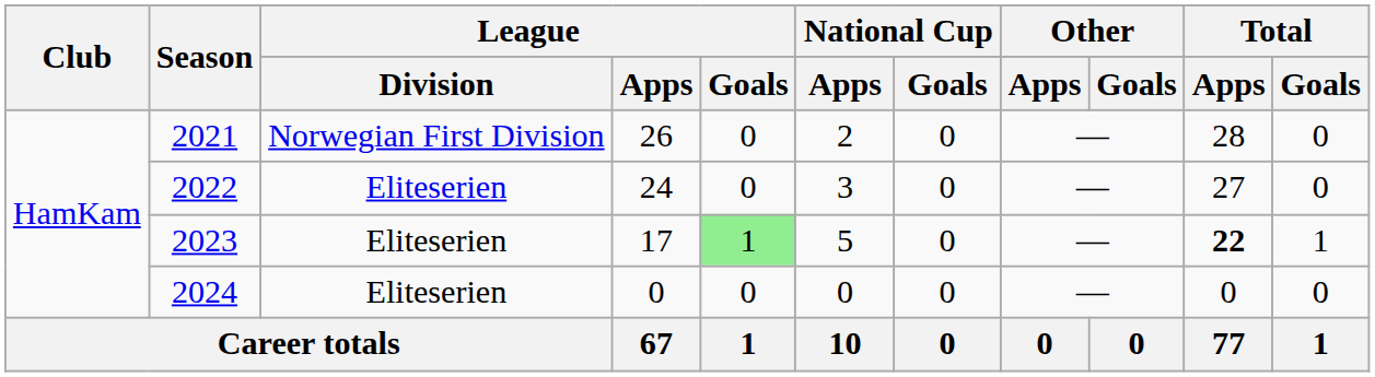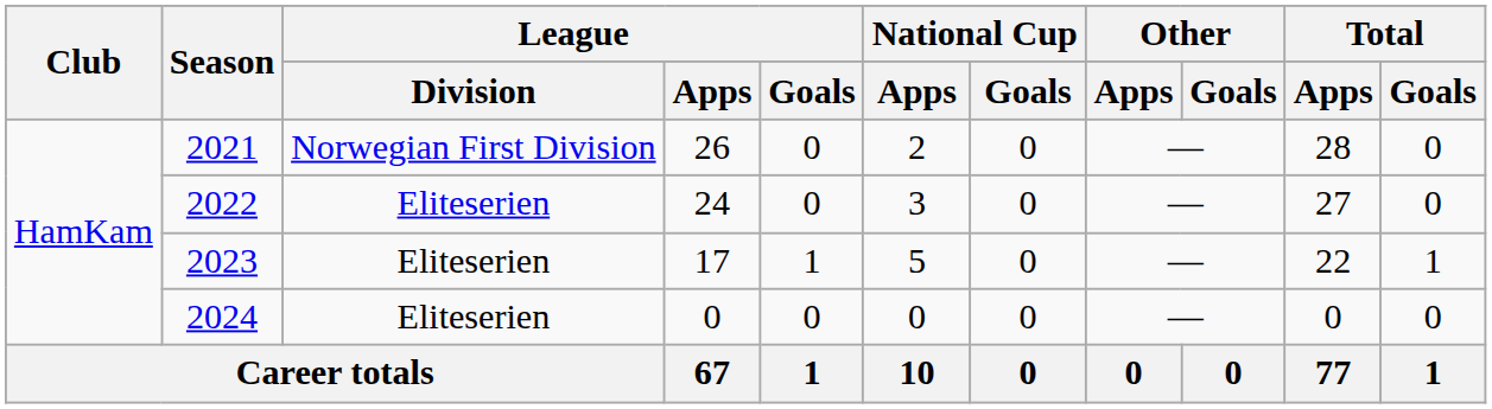 <table class="wikitable" style="text-align:center">
 <tr>
 <th rowspan="2">Club</th>
 <th rowspan="2">Season</th>
 <th colspan="3">League</th>
 <th colspan="2">National Cup</th>
 <th colspan="2">Other</th>
 <th colspan="2">Total</th>
 </tr>
 <tr>
 <th>Division</th>
 <th>Apps</th>
 <th>Goals</th>
 <th>Apps</th>
 <th>Goals</th>
 <th>Apps</th>
 <th>Goals</th>
 <th>Apps</th>
 <th>Goals</th>
 </tr>
 <tr>
 <td rowspan="4"><a href='#'>HamKam</a></td>
 <td><a href='#'>2021</a></td>
 <td><a href='#'>Norwegian First Division</a></td>
 <td>26</td>
 <td>0</td>
 <td>2</td>
 <td>0</td>
 <td colspan="2">—</td>
 <td>28</td>
 <td>0</td>
 </tr>
 <tr>
 <td><a href='#'>2022</a></td>
 <td><a href='#'>Eliteserien</a></td>
 <td>24</td>
 <td>0</td>
 <td>3</td>
 <td>0</td>
 <td colspan="2">—</td>
 <td>27</td>
 <td>0</td>
 </tr>
 <tr>
 <td><a href='#'>2023</a></td>
 <td>Eliteserien</td>
 <td>17</td>
-<td style="background: lightgreen;">1</td>
+<td>1</td>
 <td>5</td>
 <td>0</td>
 <td colspan="2">—</td>
-<td><strong>22</strong></td>
+<td>22</td>
 <td>1</td>
 </tr>
 <tr>
 <td><a href='#'>2024</a></td>
 <td>Eliteserien</td>
 <td>0</td>
 <td>0</td>
 <td>0</td>
 <td>0</td>
 <td colspan="2">—</td>
 <td>0</td>
 <td>0</td>
 </tr>
 <tr>
 <th colspan="3">Career totals</th>
 <th>67</th>
 <th>1</th>
 <th>10</th>
 <th>0</th>
 <th>0</th>
 <th>0</th>
 <th>77</th>
 <th>1</th>
 </tr>
 </table>
